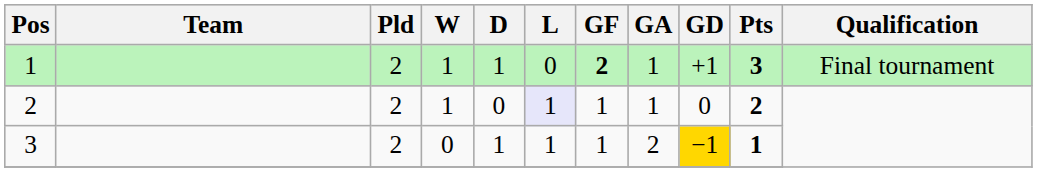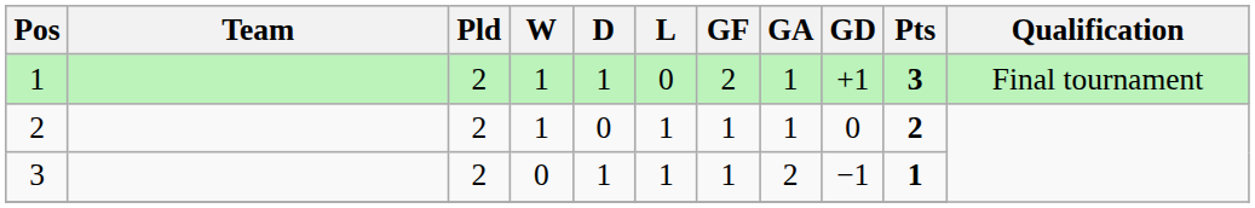 <table class="wikitable" border="1" style="text-align: center;">
 <tr>
 <th width="25"><abbr>Pos</abbr></th>
 <th width="190">Team</th>
 <th width="25"><abbr>Pld</abbr></th>
 <th width="25"><abbr>W</abbr></th>
 <th width="25"><abbr>D</abbr></th>
 <th width="25"><abbr>L</abbr></th>
 <th width="25"><abbr>GF</abbr></th>
 <th width="25"><abbr>GA</abbr></th>
 <th width="25"><abbr>GD</abbr></th>
 <th width="25"><abbr>Pts</abbr></th>
 <th width="150">Qualification</th>
 </tr>
 <tr bgcolor = #BBF3BB>
 <td>1</td>
 <td align="left"></td>
 <td>2</td>
 <td>1</td>
 <td>1</td>
 <td>0</td>
-<td><strong>2</strong></td>
+<td>2</td>
 <td>1</td>
 <td>+1</td>
 <td><strong>3</strong></td>
 <td>Final tournament</td>
 </tr>
 <tr>
 <td>2</td>
 <td align="left"></td>
 <td>2</td>
 <td>1</td>
 <td>0</td>
-<td style="background: lavender;">1</td>
+<td>1</td>
 <td>1</td>
 <td>1</td>
 <td>0</td>
 <td><strong>2</strong></td>
 </tr>
 <tr>
 <td>3</td>
 <td align="left"></td>
 <td>2</td>
 <td>0</td>
 <td>1</td>
 <td>1</td>
 <td>1</td>
 <td>2</td>
-<td style="background: gold;">−1</td>
+<td>−1</td>
 <td><strong>1</strong></td>
 </tr>
 <tr>
 </tr>
 </table>
